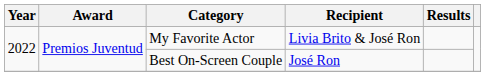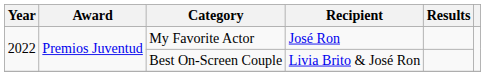 <table class="wikitable plainrowheaders">
 <tr>
 <th scope="col">Year</th>
 <th scope="col">Award</th>
 <th scope="col">Category</th>
 <th scope="col">Recipient</th>
 <th scope="col">Results</th>
 <th scope="col"></th>
 </tr>
 <tr>
 <td rowspan="2">2022</td>
 <td rowspan="2"><a href='#'>Premios Juventud</a></td>
 <td>My Favorite Actor</td>
-<td><a href='#'>Livia Brito</a> & José Ron</td>
+<td><a href='#'>José Ron</a></td>
 <td></td>
 <td rowspan="2" style="text-align:center;"></td>
 </tr>
 <tr>
 <td>Best On-Screen Couple</td>
-<td><a href='#'>José Ron</a></td>
+<td><a href='#'>Livia Brito</a> & José Ron</td>
 <td></td>
 </tr>
 <tr>
 </tr>
 </table>
